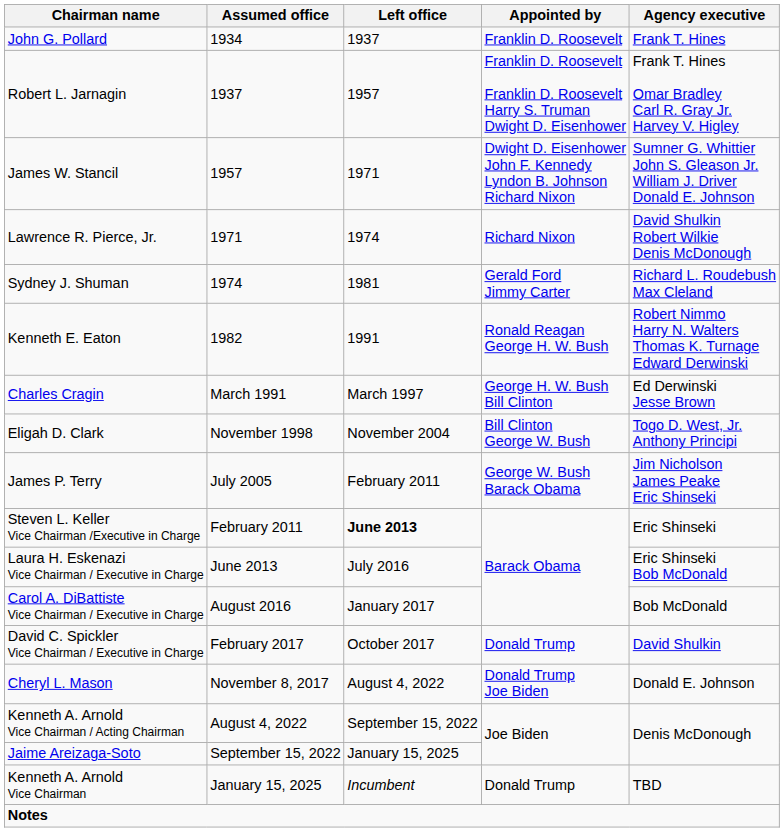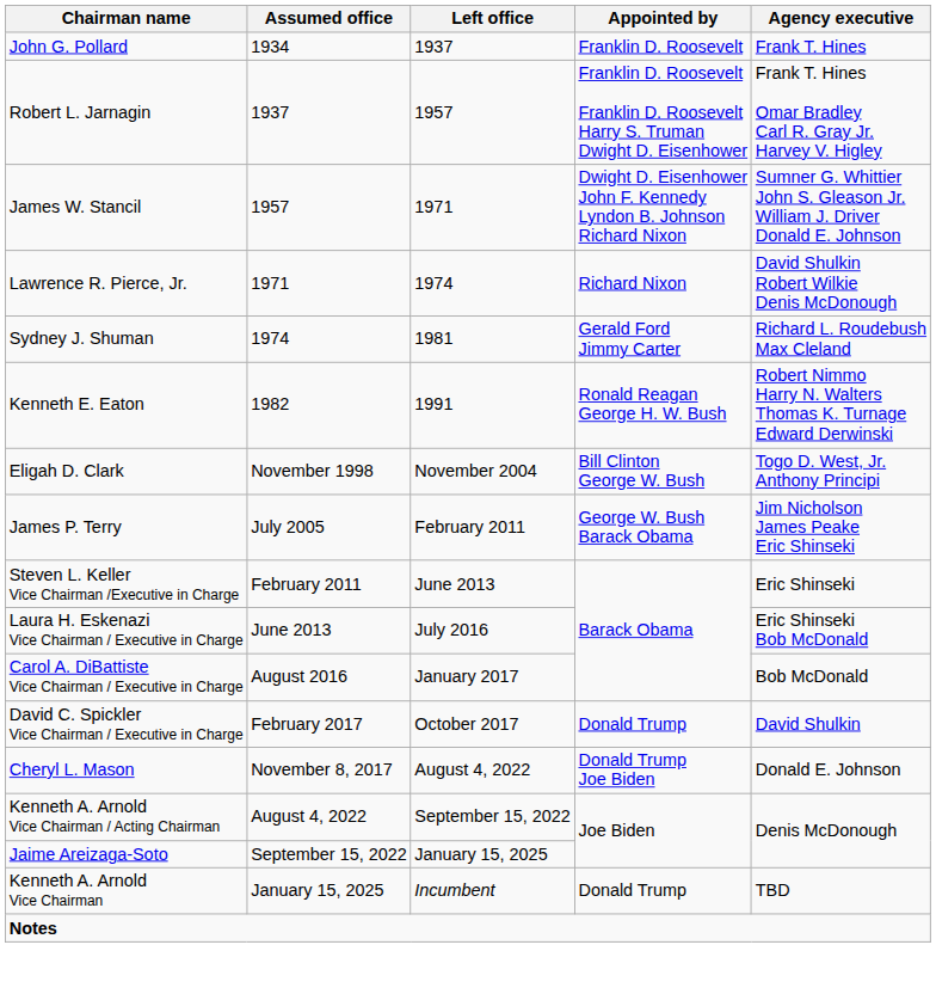 <table class="wikitable sortable">
 <tr>
 <th>Chairman name</th>
 <th>Assumed office</th>
 <th>Left office</th>
 <th>Appointed by</th>
 <th>Agency executive  </th>
 </tr>
 <tr>
 <td><a href='#'>John G. Pollard</a></td>
 <td>1934</td>
 <td>1937</td>
 <td><a href='#'>Franklin D. Roosevelt</a></td>
 <td><a href='#'>Frank T. Hines</a></td>
 </tr>
 <tr>
 <td>Robert L. Jarnagin</td>
 <td>1937</td>
 <td>1957</td>
 <td><a href='#'>Franklin D. Roosevelt</a><br><br><a href='#'>Franklin D. Roosevelt</a><br> <a href='#'>Harry S. Truman</a><br> <a href='#'>Dwight D. Eisenhower</a><br></td>
 <td>Frank T. Hines<br><br><a href='#'>Omar Bradley</a><br> <a href='#'>Carl R. Gray Jr.</a><br> <a href='#'>Harvey V. Higley</a></td>
 </tr>
 <tr>
 <td>James W. Stancil</td>
 <td>1957</td>
 <td>1971</td>
 <td><a href='#'>Dwight D. Eisenhower</a><br><a href='#'>John F. Kennedy</a><br><a href='#'>Lyndon B. Johnson</a><br><a href='#'>Richard Nixon</a></td>
 <td><a href='#'>Sumner G. Whittier</a><br><a href='#'>John S. Gleason Jr.</a><br><a href='#'>William J. Driver</a><br><a href='#'>Donald E. Johnson</a></td>
 </tr>
 <tr>
 <td>Lawrence R. Pierce, Jr.</td>
 <td>1971</td>
 <td>1974</td>
 <td><a href='#'>Richard Nixon</a></td>
 <td><a href='#'>David Shulkin</a><br><a href='#'>Robert Wilkie</a><br><a href='#'>Denis McDonough</a></td>
 </tr>
 <tr>
 <td>Sydney J. Shuman</td>
 <td>1974</td>
 <td>1981</td>
 <td><a href='#'>Gerald Ford</a><br><a href='#'>Jimmy Carter</a></td>
 <td><a href='#'>Richard L. Roudebush</a><br><a href='#'>Max Cleland</a></td>
 </tr>
 <tr>
 <td>Kenneth E. Eaton</td>
 <td>1982</td>
 <td>1991</td>
 <td><a href='#'>Ronald Reagan</a><br><a href='#'>George H. W. Bush</a></td>
 <td><a href='#'>Robert Nimmo</a><br><a href='#'>Harry N. Walters</a><br><a href='#'>Thomas K. Turnage</a><br><a href='#'>Edward Derwinski</a></td>
 </tr>
 <tr>
-<td><a href='#'>Charles Cragin</a></td>
-<td>March 1991</td>
-<td>March 1997</td>
-<td><a href='#'>George H. W. Bush</a><br><a href='#'>Bill Clinton</a></td>
-<td>Ed Derwinski<br><a href='#'>Jesse Brown</a></td>
-</tr>
-<tr>
 <td>Eligah D. Clark</td>
 <td>November 1998</td>
 <td>November 2004</td>
 <td><a href='#'>Bill Clinton</a><br><a href='#'>George W. Bush</a></td>
 <td><a href='#'>Togo D. West, Jr.</a><br><a href='#'>Anthony Principi</a></td>
 </tr>
 <tr>
 <td>James P. Terry</td>
 <td>July 2005</td>
 <td>February 2011</td>
 <td><a href='#'>George W. Bush</a><br><a href='#'>Barack Obama</a></td>
 <td><a href='#'>Jim Nicholson</a><br><a href='#'>James Peake</a><br><a href='#'>Eric Shinseki</a></td>
 </tr>
 <tr>
 <td>Steven L. Keller<br><small>Vice Chairman /Executive in Charge </small></td>
 <td>February 2011</td>
-<td><strong>June 2013</strong></td>
+<td>June 2013</td>
 <td rowspan="3"><a href='#'>Barack Obama</a></td>
 <td>Eric Shinseki</td>
 </tr>
 <tr>
 <td>Laura H. Eskenazi<br><small>Vice Chairman / Executive in Charge </small></td>
 <td>June 2013</td>
 <td>July 2016</td>
 <td>Eric Shinseki<br><a href='#'>Bob McDonald</a></td>
 </tr>
 <tr>
 <td><a href='#'>Carol A. DiBattiste</a><br><small>Vice Chairman / Executive in Charge </small></td>
 <td>August 2016</td>
 <td>January 2017</td>
 <td>Bob McDonald</td>
 </tr>
 <tr>
 <td>David C. Spickler<br><small>Vice Chairman / Executive in Charge </small></td>
 <td>February 2017</td>
 <td>October 2017</td>
 <td><a href='#'>Donald Trump</a></td>
 <td><a href='#'>David Shulkin</a></td>
 </tr>
 <tr>
 <td><a href='#'>Cheryl L. Mason</a></td>
 <td>November 8, 2017</td>
 <td>August 4, 2022</td>
 <td><a href='#'>Donald Trump</a><br><a href='#'>Joe Biden</a></td>
 <td>Donald E. Johnson</td>
 </tr>
 <tr>
 <td>Kenneth A. Arnold<br><small>Vice Chairman / Acting Chairman</small></td>
 <td>August 4, 2022</td>
 <td>September 15, 2022</td>
 <td rowspan="2">Joe Biden</td>
 <td rowspan="2">Denis McDonough</td>
 </tr>
 <tr>
 <td><a href='#'>Jaime Areizaga-Soto</a></td>
 <td>September 15, 2022</td>
 <td>January 15, 2025</td>
 </tr>
 <tr>
 <td>Kenneth A. Arnold<br><small>Vice Chairman </small></td>
 <td>January 15, 2025</td>
 <td><em>Incumbent</em></td>
 <td>Donald Trump</td>
 <td>TBD</td>
 </tr>
 <tr>
 <td colspan="5"><strong>Notes</strong></td>
 </tr>
 </table>
